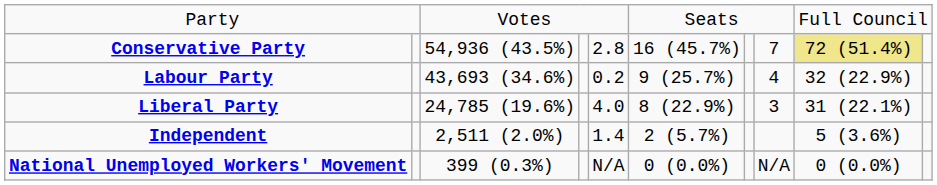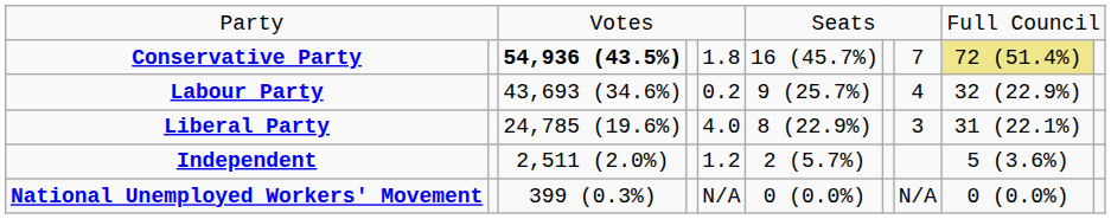 <table class=wikitable style="text-align:center;">
 <tr>
 <td colspan=2>Party</td>
 <td colspan=3>Votes</td>
 <td colspan=3>Seats</td>
 <td colspan=3>Full Council</td>
 </tr>
 <tr>
 <td><strong><a href='#'>Conservative Party</a></strong></td>
 <td style="background:"></td>
-<td>54,936 (43.5%)</td>
+<td><strong>54,936 (43.5%)</strong></td>
 <td></td>
-<td> 2.8</td>
+<td> 1.8</td>
 <td>16 (45.7%)</td>
 <td></td>
 <td> 7</td>
 <td style="background: khaki;">72 (51.4%)</td>
 <td></td>
 </tr>
 <tr>
 <td><strong><a href='#'>Labour Party</a></strong></td>
 <td style="background:"></td>
 <td>43,693 (34.6%)</td>
 <td></td>
 <td> 0.2</td>
 <td>9 (25.7%)</td>
 <td></td>
 <td> 4</td>
 <td>32 (22.9%)</td>
 <td></td>
 </tr>
 <tr>
 <td><strong><a href='#'>Liberal Party</a></strong></td>
 <td style="background:"></td>
 <td>24,785 (19.6%)</td>
 <td></td>
 <td> 4.0</td>
 <td>8 (22.9%)</td>
 <td></td>
 <td> 3</td>
 <td>31 (22.1%)</td>
 <td></td>
 </tr>
 <tr>
 <td><strong><a href='#'>Independent</a></strong></td>
 <td style="background:"></td>
 <td>2,511 (2.0%)</td>
 <td></td>
-<td> 1.4</td>
+<td> 1.2</td>
 <td>2 (5.7%)</td>
 <td></td>
 <td></td>
 <td>5 (3.6%)</td>
 <td></td>
 </tr>
 <tr>
 <td><strong><a href='#'>National Unemployed Workers' Movement</a></strong></td>
 <td style="background:"></td>
 <td>399 (0.3%)</td>
 <td></td>
 <td>N/A</td>
 <td>0 (0.0%)</td>
 <td></td>
 <td>N/A</td>
 <td>0 (0.0%)</td>
 <td></td>
 </tr>
 </table>
